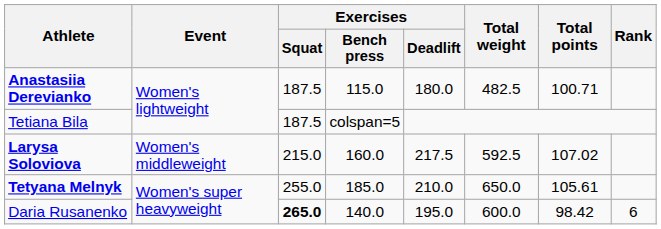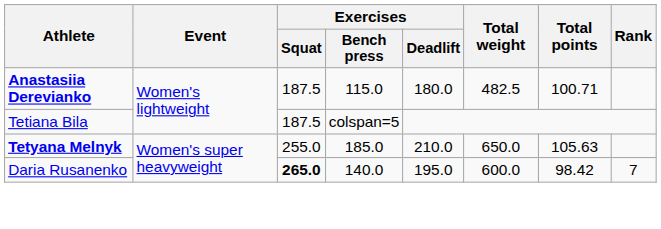 <table class=wikitable style="font-size:90%">
 <tr>
 <th rowspan="2">Athlete</th>
 <th rowspan="2">Event</th>
 <th colspan="3">Exercises</th>
 <th rowspan="2">Total weight</th>
 <th rowspan="2">Total points</th>
 <th rowspan="2">Rank</th>
 </tr>
 <tr style="font-size:95%">
 <th>Squat</th>
 <th>Bench<br>press</th>
 <th>Deadlift</th>
 </tr>
 <tr align=center>
 <td align=left><strong><a href='#'>Anastasiia Derevianko</a></strong></td>
 <td align=left rowspan=2><a href='#'>Women's lightweight</a></td>
 <td>187.5</td>
 <td>115.0</td>
 <td>180.0</td>
 <td>482.5</td>
 <td>100.71</td>
 <td></td>
 </tr>
 <tr align=center>
 <td align=left><a href='#'>Tetiana Bila</a></td>
 <td>187.5</td>
 <td>colspan=5 </td>
 </tr>
 <tr align=center>
-<td align=left><strong><a href='#'>Larysa Soloviova</a></strong></td>
-<td align=left><a href='#'>Women's middleweight</a></td>
-<td>215.0</td>
-<td>160.0</td>
-<td>217.5</td>
-<td>592.5</td>
-<td>107.02</td>
-<td></td>
-</tr>
-<tr align=center>
 <td align=left><strong><a href='#'>Tetyana Melnyk</a></strong></td>
 <td align=left rowspan=2><a href='#'>Women's super heavyweight</a></td>
 <td>255.0</td>
 <td>185.0</td>
 <td>210.0</td>
 <td>650.0</td>
-<td>105.61</td>
+<td>105.63</td>
 <td></td>
 </tr>
 <tr align=center>
 <td align=left><a href='#'>Daria Rusanenko</a></td>
 <td><strong>265.0</strong></td>
 <td>140.0</td>
 <td>195.0</td>
 <td>600.0</td>
 <td>98.42</td>
-<td>6</td>
+<td>7</td>
 </tr>
 </table>
